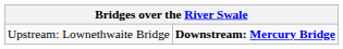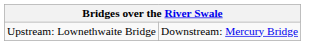 <table class="wikitable">
 <tr>
 <th colspan=2>Bridges over the <a href='#'>River Swale</a></th>
 </tr>
 <tr>
 <td>Upstream: Lownethwaite Bridge</td>
-<td><strong>Downstream: <a href='#'>Mercury Bridge</a></strong></td>
+<td>Downstream: <a href='#'>Mercury Bridge</a></td>
 </tr>
 </table>
